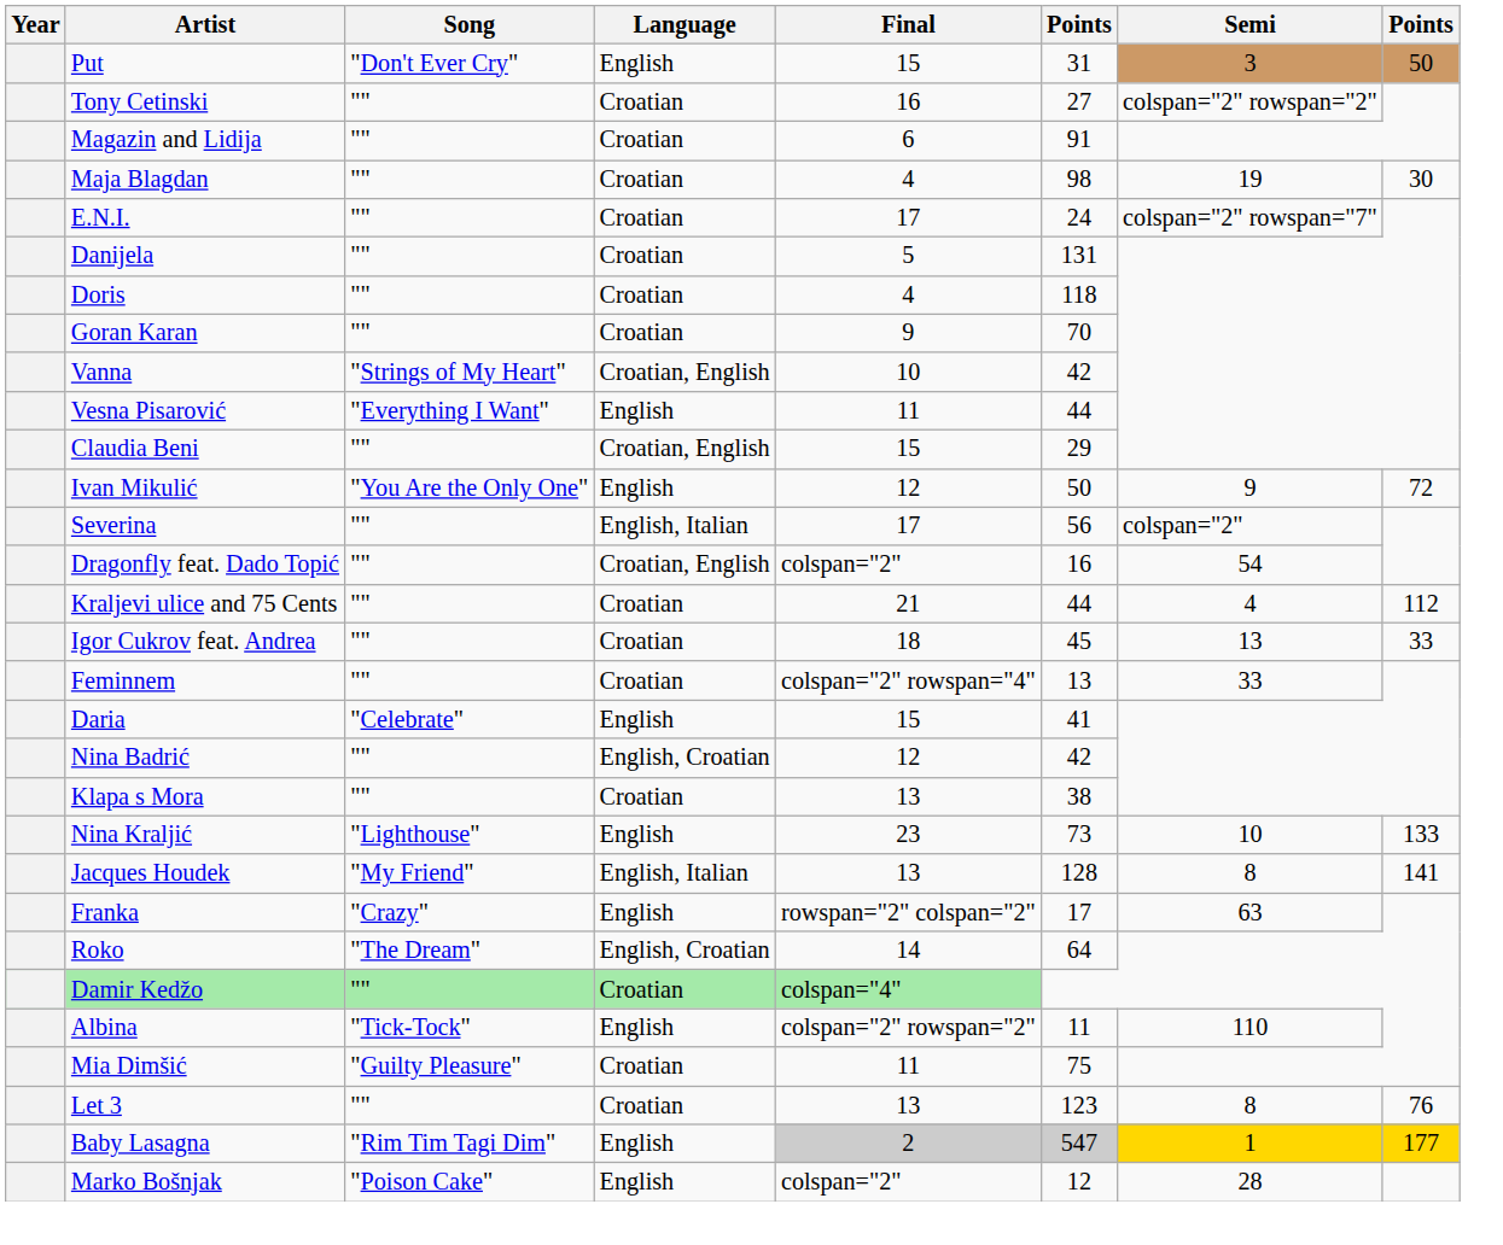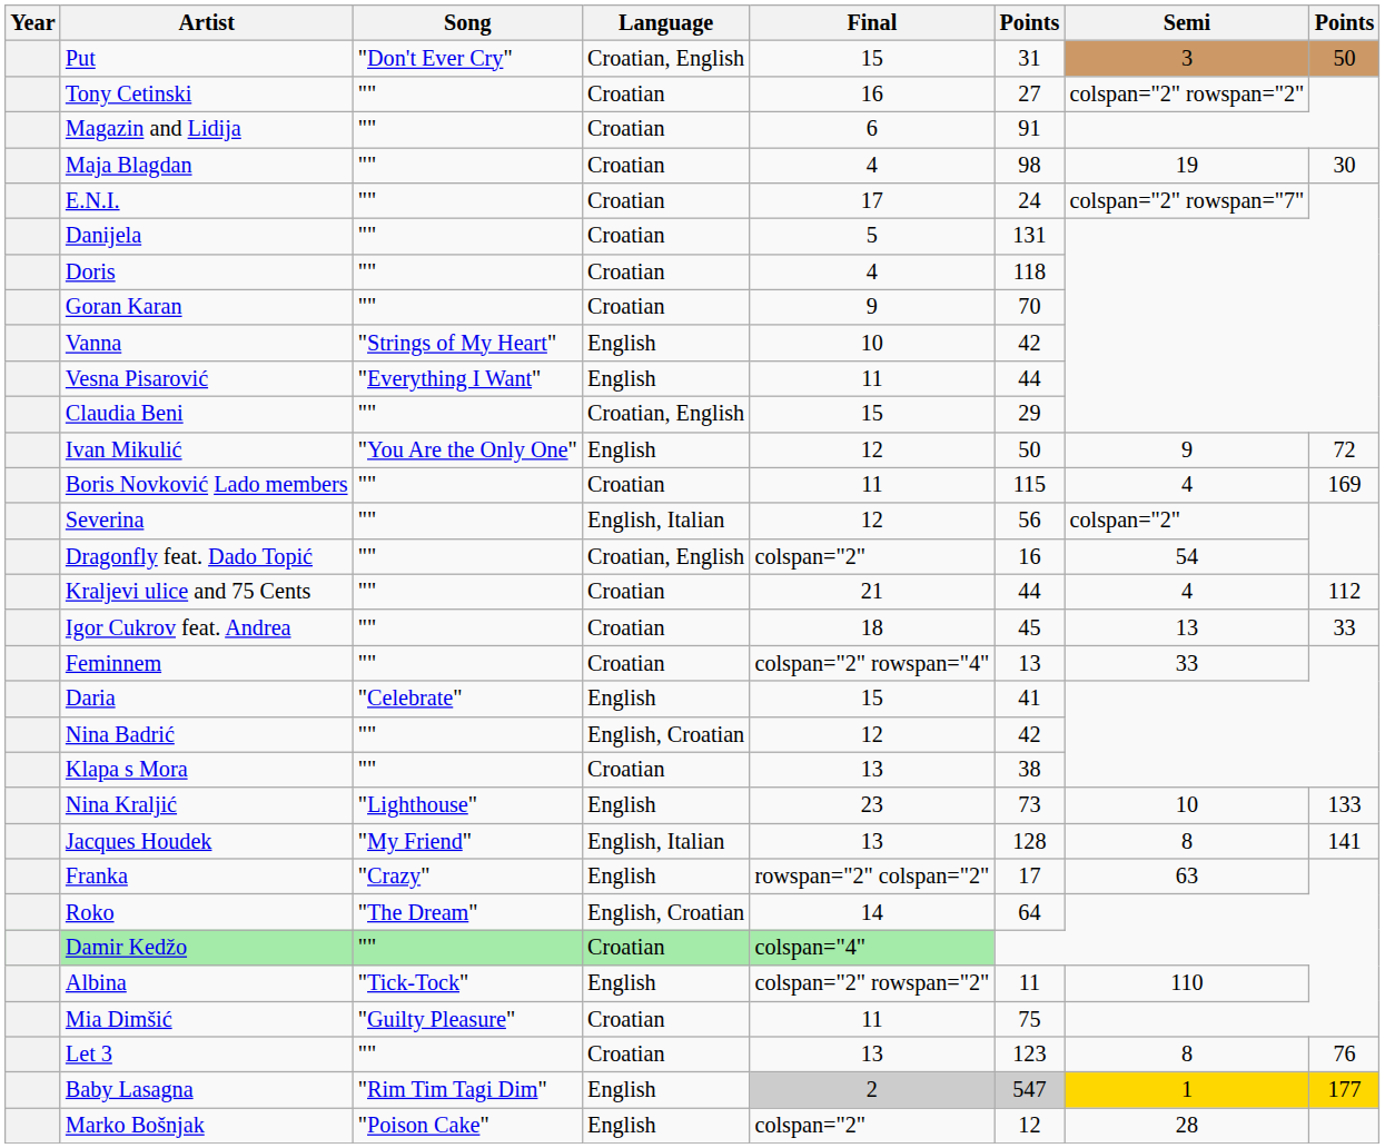 <table class="wikitable sortable plainrowheaders">
 <tr>
 <th scope="col">Year</th>
 <th scope="col">Artist</th>
 <th scope="col">Song</th>
 <th scope="col">Language</th>
 <th scope="col" data-sort-type="number">Final</th>
 <th scope="col" data-sort-type="number">Points</th>
 <th scope="col" data-sort-type="number">Semi</th>
 <th scope="col" data-sort-type="number">Points</th>
 </tr>
 <tr>
 <th scope="row" style="text-align:center;"></th>
 <td><a href='#'>Put</a></td>
 <td>"<a href='#'>Don't Ever Cry</a>"</td>
-<td>English</td>
+<td>Croatian, English</td>
 <td style="text-align:center;">15</td>
 <td style="text-align:center;">31</td>
 <td style="text-align:center; background-color:#C96;">3</td>
 <td style="text-align:center; background-color:#C96;">50</td>
 </tr>
 <tr>
 <th scope="row" style="text-align:center;"></th>
 <td><a href='#'>Tony Cetinski</a></td>
 <td>""</td>
 <td>Croatian</td>
 <td style="text-align:center;">16</td>
 <td style="text-align:center;">27</td>
 <td>colspan="2" rowspan="2" </td>
 </tr>
 <tr>
 <th scope="row" style="text-align:center;"></th>
 <td><a href='#'>Magazin</a> and <a href='#'>Lidija</a></td>
 <td>""</td>
 <td>Croatian</td>
 <td style="text-align:center;">6</td>
 <td style="text-align:center;">91</td>
 </tr>
 <tr>
 <th scope="row" style="text-align:center;"></th>
 <td><a href='#'>Maja Blagdan</a></td>
 <td>""</td>
 <td>Croatian</td>
 <td style="text-align:center;">4</td>
 <td style="text-align:center;">98</td>
 <td style="text-align:center;">19</td>
 <td style="text-align:center;">30</td>
 </tr>
 <tr>
 <th scope="row" style="text-align:center;"></th>
 <td><a href='#'>E.N.I.</a></td>
 <td>""</td>
 <td>Croatian</td>
 <td style="text-align:center;">17</td>
 <td style="text-align:center;">24</td>
 <td>colspan="2" rowspan="7" </td>
 </tr>
 <tr>
 <th scope="row" style="text-align:center;"></th>
 <td><a href='#'>Danijela</a></td>
 <td>""</td>
 <td>Croatian</td>
 <td style="text-align:center;">5</td>
 <td style="text-align:center;">131</td>
 </tr>
 <tr>
 <th scope="row" style="text-align:center;"></th>
 <td><a href='#'>Doris</a></td>
 <td>""</td>
 <td>Croatian</td>
 <td style="text-align:center;">4</td>
 <td style="text-align:center;">118</td>
 </tr>
 <tr>
 <th scope="row" style="text-align:center;"></th>
 <td><a href='#'>Goran Karan</a></td>
 <td>""</td>
 <td>Croatian</td>
 <td style="text-align:center;">9</td>
 <td style="text-align:center;">70</td>
 </tr>
 <tr>
 <th scope="row" style="text-align:center;"></th>
 <td><a href='#'>Vanna</a></td>
 <td>"<a href='#'>Strings of My Heart</a>"</td>
-<td>Croatian, English</td>
+<td>English</td>
 <td style="text-align:center;">10</td>
 <td style="text-align:center;">42</td>
 </tr>
 <tr>
 <th scope="row" style="text-align:center;"></th>
 <td><a href='#'>Vesna Pisarović</a></td>
 <td>"<a href='#'>Everything I Want</a>"</td>
 <td>English</td>
 <td style="text-align:center;">11</td>
 <td style="text-align:center;">44</td>
 </tr>
 <tr>
 <th scope="row" style="text-align:center;"></th>
 <td><a href='#'>Claudia Beni</a></td>
 <td>""</td>
 <td>Croatian, English</td>
 <td style="text-align:center;">15</td>
 <td style="text-align:center;">29</td>
 </tr>
 <tr>
 <th scope="row" style="text-align:center;"></th>
 <td><a href='#'>Ivan Mikulić</a></td>
 <td>"<a href='#'>You Are the Only One</a>"</td>
 <td>English</td>
 <td style="text-align:center;">12</td>
 <td style="text-align:center;">50</td>
 <td style="text-align:center;">9</td>
 <td style="text-align:center;">72</td>
 </tr>
 <tr>
 <th scope="row" style="text-align:center;"></th>
+<td><a href='#'>Boris Novković</a>  <a href='#'>Lado members</a></td>
+<td>""</td>
+<td>Croatian</td>
+<td style="text-align:center;">11</td>
+<td style="text-align:center;">115</td>
+<td style="text-align:center;">4</td>
+<td style="text-align:center;">169</td>
+</tr>
+<tr>
+<th scope="row" style="text-align:center;"></th>
 <td><a href='#'>Severina</a></td>
 <td>""</td>
 <td>English, Italian</td>
-<td style="text-align:center;">17</td>
+<td style="text-align:center;">12</td>
 <td style="text-align:center;">56</td>
 <td>colspan="2" </td>
 </tr>
 <tr>
 <th scope="row" style="text-align:center;"></th>
 <td><a href='#'>Dragonfly</a> feat. <a href='#'>Dado Topić</a></td>
 <td>""</td>
 <td>Croatian, English</td>
 <td>colspan="2" </td>
 <td style="text-align:center;">16</td>
 <td style="text-align:center;">54</td>
 </tr>
 <tr>
 <th scope="row" style="text-align:center;"></th>
 <td><a href='#'>Kraljevi ulice</a> and 75 Cents</td>
 <td>""</td>
 <td>Croatian</td>
 <td style="text-align:center;">21</td>
 <td style="text-align:center;">44</td>
 <td style="text-align:center;">4</td>
 <td style="text-align:center;">112</td>
 </tr>
 <tr>
 <th scope="row" style="text-align:center;"></th>
 <td><a href='#'>Igor Cukrov</a> feat. <a href='#'>Andrea</a></td>
 <td>""</td>
 <td>Croatian</td>
 <td style="text-align:center;">18</td>
 <td style="text-align:center;">45</td>
 <td style="text-align:center;">13</td>
 <td style="text-align:center;">33</td>
 </tr>
 <tr>
 <th scope="row" style="text-align:center;"></th>
 <td><a href='#'>Feminnem</a></td>
 <td>""</td>
 <td>Croatian</td>
 <td>colspan="2" rowspan="4" </td>
 <td style="text-align:center;">13</td>
 <td style="text-align:center;">33</td>
 </tr>
 <tr>
 <th scope="row" style="text-align:center;"></th>
 <td><a href='#'>Daria</a></td>
 <td>"<a href='#'>Celebrate</a>"</td>
 <td>English</td>
 <td style="text-align:center;">15</td>
 <td style="text-align:center;">41</td>
 </tr>
 <tr>
 <th scope="row" style="text-align:center;"></th>
 <td><a href='#'>Nina Badrić</a></td>
 <td>""</td>
 <td>English, Croatian</td>
 <td style="text-align:center;">12</td>
 <td style="text-align:center;">42</td>
 </tr>
 <tr>
 <th scope="row" style="text-align:center;"></th>
 <td><a href='#'>Klapa s Mora</a></td>
 <td>""</td>
 <td>Croatian</td>
 <td style="text-align:center;">13</td>
 <td style="text-align:center;">38</td>
 </tr>
 <tr>
 <th scope="row" style="text-align:center;"></th>
 <td><a href='#'>Nina Kraljić</a></td>
 <td>"<a href='#'>Lighthouse</a>"</td>
 <td>English</td>
 <td style="text-align:center;">23</td>
 <td style="text-align:center;">73</td>
 <td style="text-align:center;">10</td>
 <td style="text-align:center;">133</td>
 </tr>
 <tr>
 <th scope="row" style="text-align:center;"></th>
 <td><a href='#'>Jacques Houdek</a></td>
 <td>"<a href='#'>My Friend</a>"</td>
 <td>English, Italian</td>
 <td style="text-align:center;">13</td>
 <td style="text-align:center;">128</td>
 <td style="text-align:center;">8</td>
 <td style="text-align:center;">141</td>
 </tr>
 <tr>
 <th scope="row" style="text-align:center;"></th>
 <td><a href='#'>Franka</a></td>
 <td>"<a href='#'>Crazy</a>"</td>
 <td>English</td>
 <td>rowspan="2" colspan="2" </td>
 <td style="text-align:center;">17</td>
 <td style="text-align:center;">63</td>
 </tr>
 <tr>
 <th scope="row" style="text-align:center;"></th>
 <td><a href='#'>Roko</a></td>
 <td>"<a href='#'>The Dream</a>"</td>
 <td>English, Croatian</td>
 <td style="text-align:center;">14</td>
 <td style="text-align:center;">64</td>
 </tr>
 <tr style="background-color:#A4EAA9;">
 <th scope="row" style="text-align:center;"></th>
 <td><a href='#'>Damir Kedžo</a></td>
 <td>""</td>
 <td>Croatian</td>
 <td>colspan="4" </td>
 </tr>
 <tr>
 <th scope="row" style="text-align:center;"></th>
 <td><a href='#'>Albina</a></td>
 <td>"<a href='#'>Tick-Tock</a>"</td>
 <td>English</td>
 <td>colspan="2" rowspan="2" </td>
 <td style="text-align:center;">11</td>
 <td style="text-align:center;">110</td>
 </tr>
 <tr>
 <th scope="row" style="text-align:center;"></th>
 <td><a href='#'>Mia Dimšić</a></td>
 <td>"<a href='#'>Guilty Pleasure</a>"</td>
 <td>Croatian</td>
 <td style="text-align:center;">11</td>
 <td style="text-align:center;">75</td>
 </tr>
 <tr>
 <th scope="row" style="text-align:center;"></th>
 <td><a href='#'>Let 3</a></td>
 <td>""</td>
 <td>Croatian</td>
 <td style="text-align:center;">13</td>
 <td style="text-align:center;">123</td>
 <td style="text-align:center;">8</td>
 <td style="text-align:center;">76</td>
 </tr>
 <tr>
 <th scope="row" style="text-align:center;"></th>
 <td><a href='#'>Baby Lasagna</a></td>
 <td>"<a href='#'>Rim Tim Tagi Dim</a>"</td>
 <td>English</td>
 <td style="text-align:center; background-color:#CCC;">2</td>
 <td style="text-align:center; background-color:#CCC;">547</td>
 <td style="text-align:center; background-color:#FFD700;">1</td>
 <td style="text-align:center; background-color:#FFD700;">177</td>
 </tr>
 <tr>
 <th scope="row" style="text-align:center;"></th>
 <td><a href='#'>Marko Bošnjak</a></td>
 <td>"<a href='#'>Poison Cake</a>"</td>
 <td>English</td>
 <td>colspan="2" </td>
 <td style="text-align:center;">12</td>
 <td style="text-align:center;">28</td>
 </tr>
 </table>
